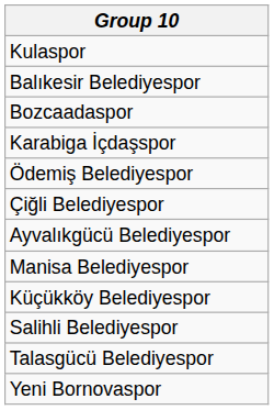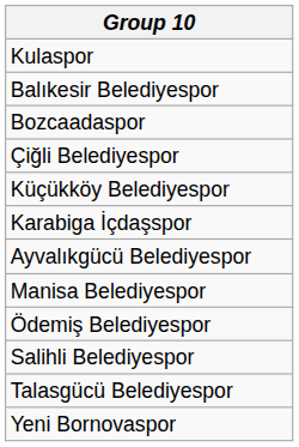 <table class="wikitable collapsible collapsed" style="font-size:95%;">
 <tr>
 <th colspan="1" width="200"><em>Group 10</em></th>
 </tr>
 <tr>
 <td>Kulaspor</td>
 </tr>
 <tr>
 <td>Balıkesir Belediyespor</td>
 </tr>
 <tr>
 <td>Bozcaadaspor</td>
 </tr>
 <tr>
-<td>Karabiga İçdaşspor</td>
+<td>Çiğli Belediyespor</td>
 </tr>
 <tr>
-<td>Ödemiş Belediyespor</td>
+<td>Küçükköy Belediyespor</td>
 </tr>
 <tr>
-<td>Çiğli Belediyespor</td>
+<td>Karabiga İçdaşspor</td>
 </tr>
 <tr>
 <td>Ayvalıkgücü Belediyespor</td>
 </tr>
 <tr>
 <td>Manisa Belediyespor</td>
 </tr>
 <tr>
-<td>Küçükköy Belediyespor</td>
+<td>Ödemiş Belediyespor</td>
 </tr>
 <tr>
 <td>Salihli Belediyespor</td>
 </tr>
 <tr>
 <td>Talasgücü Belediyespor</td>
 </tr>
 <tr>
 <td>Yeni Bornovaspor</td>
 </tr>
 </table>
